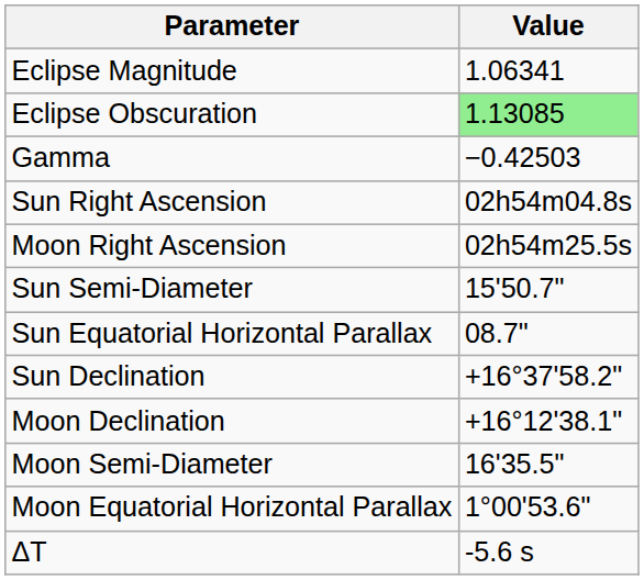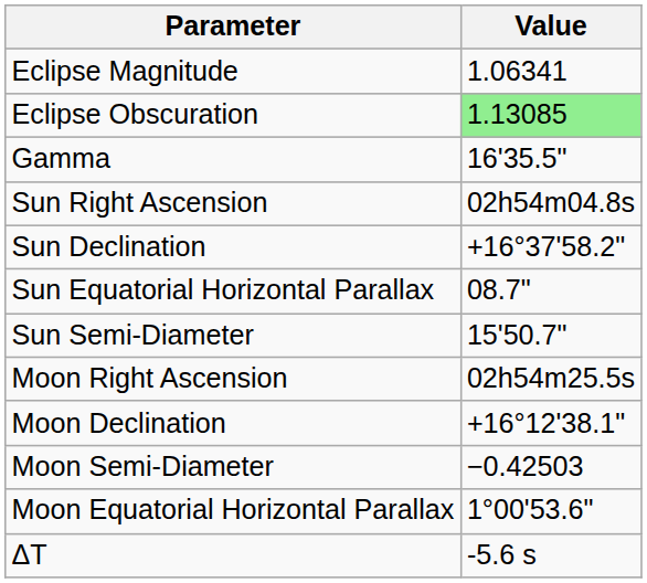 <table class="wikitable">
 <tr>
 <th>Parameter</th>
 <th>Value</th>
 </tr>
 <tr>
 <td>Eclipse Magnitude</td>
 <td>1.06341</td>
 </tr>
 <tr>
 <td>Eclipse Obscuration</td>
 <td style="background: lightgreen;">1.13085</td>
 </tr>
 <tr>
 <td>Gamma</td>
-<td>−0.42503</td>
+<td>16'35.5"</td>
 </tr>
 <tr>
 <td>Sun Right Ascension</td>
 <td>02h54m04.8s</td>
 </tr>
 <tr>
-<td>Moon Right Ascension</td>
-<td>02h54m25.5s</td>
+<td>Sun Declination</td>
+<td>+16°37'58.2"</td>
+</tr>
+<tr>
+<td>Sun Equatorial Horizontal Parallax</td>
+<td>08.7"</td>
 </tr>
 <tr>
 <td>Sun Semi-Diameter</td>
 <td>15'50.7"</td>
 </tr>
 <tr>
-<td>Sun Equatorial Horizontal Parallax</td>
-<td>08.7"</td>
-</tr>
-<tr>
-<td>Sun Declination</td>
-<td>+16°37'58.2"</td>
+<td>Moon Right Ascension</td>
+<td>02h54m25.5s</td>
 </tr>
 <tr>
 <td>Moon Declination</td>
 <td>+16°12'38.1"</td>
 </tr>
 <tr>
 <td>Moon Semi-Diameter</td>
-<td>16'35.5"</td>
+<td>−0.42503</td>
 </tr>
 <tr>
 <td>Moon Equatorial Horizontal Parallax</td>
 <td>1°00'53.6"</td>
 </tr>
 <tr>
 <td>ΔT</td>
 <td>-5.6 s</td>
 </tr>
 </table>
